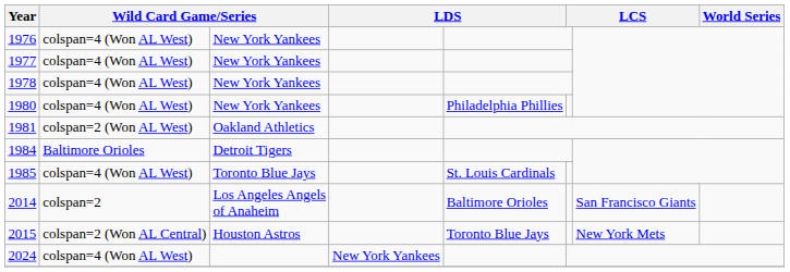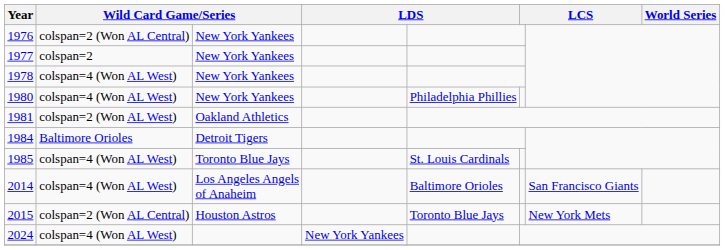 <table class="wikitable">
 <tr>
 <th>Year</th>
 <th colspan=2><a href='#'><span>Wild Card Game/Series</span></a></th>
 <th colspan=2><a href='#'><span>LDS</span></a></th>
 <th colspan=2><a href='#'><span>LCS</span></a></th>
 <th colspan=2><a href='#'><span>World Series</span></a></th>
 </tr>
 <tr>
 <td align=center><a href='#'>1976</a></td>
-<td>colspan=4  (Won <a href='#'>AL West</a>)</td>
+<td>colspan=2  (Won <a href='#'>AL Central</a>)</td>
 <td><a href='#'>New York Yankees</a></td>
 <td></td>
 <td colspan=2></td>
 </tr>
 <tr>
 <td align=center><a href='#'>1977</a></td>
-<td>colspan=4  (Won <a href='#'>AL West</a>)</td>
+<td>colspan=2 </td>
 <td><a href='#'>New York Yankees</a></td>
 <td></td>
 <td colspan=2></td>
 </tr>
 <tr>
 <td align=center><a href='#'>1978</a></td>
 <td>colspan=4  (Won <a href='#'>AL West</a>)</td>
 <td><a href='#'>New York Yankees</a></td>
 <td></td>
 <td colspan=2></td>
 </tr>
 <tr>
 <td align=center><a href='#'>1980</a></td>
 <td>colspan=4  (Won <a href='#'>AL West</a>)</td>
 <td><a href='#'>New York Yankees</a></td>
 <td></td>
 <td><a href='#'>Philadelphia Phillies</a></td>
 <td></td>
 </tr>
 <tr>
 <td align=center><a href='#'>1981</a></td>
 <td>colspan=2  (Won <a href='#'>AL West</a>)</td>
 <td><a href='#'>Oakland Athletics</a></td>
 <td></td>
 <td colspan=4></td>
 </tr>
 <tr>
 <td align=center><a href='#'>1984</a></td>
 <td><a href='#'>Baltimore Orioles</a></td>
 <td><a href='#'>Detroit Tigers</a></td>
 <td></td>
 <td colspan=2></td>
 </tr>
 <tr>
 <td align=center><a href='#'>1985</a></td>
 <td>colspan=4  (Won <a href='#'>AL West</a>)</td>
 <td><a href='#'>Toronto Blue Jays</a></td>
 <td></td>
 <td><a href='#'>St. Louis Cardinals</a></td>
 <td></td>
 </tr>
 <tr>
 <td align=center><a href='#'>2014</a></td>
-<td>colspan=2 </td>
+<td>colspan=4  (Won <a href='#'>AL West</a>)</td>
 <td><a href='#'>Los Angeles Angels<br>of Anaheim</a></td>
 <td></td>
 <td><a href='#'>Baltimore Orioles</a></td>
 <td></td>
 <td><a href='#'>San Francisco Giants</a></td>
 <td></td>
 </tr>
 <tr>
 <td align=center><a href='#'>2015</a></td>
 <td>colspan=2  (Won <a href='#'>AL Central</a>)</td>
 <td><a href='#'>Houston Astros</a></td>
 <td></td>
 <td><a href='#'>Toronto Blue Jays</a></td>
 <td></td>
 <td><a href='#'>New York Mets</a></td>
 <td></td>
 </tr>
 <tr>
 <td align=center><a href='#'>2024</a></td>
 <td>colspan=4  (Won <a href='#'>AL West</a>)</td>
 <td></td>
 <td><a href='#'>New York Yankees</a></td>
 <td></td>
 <td colspan=4></td>
 </tr>
 <tr>
 </tr>
 </table>
